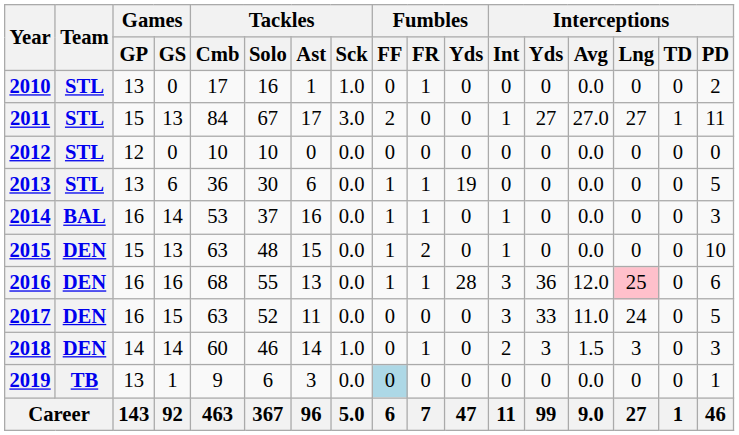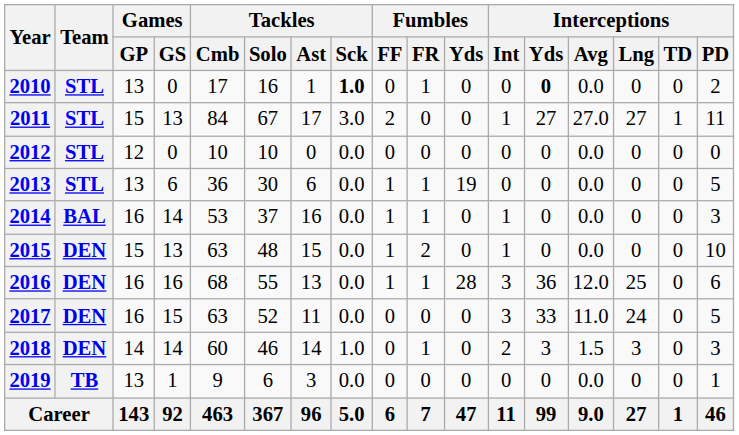 <table class=wikitable style="text-align:center;">
 <tr>
 <th rowspan="2">Year</th>
 <th rowspan="2">Team</th>
 <th colspan="2">Games</th>
 <th colspan="4">Tackles</th>
 <th colspan="3">Fumbles</th>
 <th colspan="6">Interceptions</th>
 </tr>
 <tr>
 <th>GP</th>
 <th>GS</th>
 <th>Cmb</th>
 <th>Solo</th>
 <th>Ast</th>
 <th>Sck</th>
 <th>FF</th>
 <th>FR</th>
 <th>Yds</th>
 <th>Int</th>
 <th>Yds</th>
 <th>Avg</th>
 <th>Lng</th>
 <th>TD</th>
 <th>PD</th>
 </tr>
 <tr>
 <th><a href='#'>2010</a></th>
 <th><a href='#'>STL</a></th>
 <td>13</td>
 <td>0</td>
 <td>17</td>
 <td>16</td>
 <td>1</td>
-<td>1.0</td>
+<td><strong>1.0</strong></td>
 <td>0</td>
 <td>1</td>
 <td>0</td>
 <td>0</td>
-<td>0</td>
+<td><strong>0</strong></td>
 <td>0.0</td>
 <td>0</td>
 <td>0</td>
 <td>2</td>
 </tr>
 <tr>
 <th><a href='#'>2011</a></th>
 <th><a href='#'>STL</a></th>
 <td>15</td>
 <td>13</td>
 <td>84</td>
 <td>67</td>
 <td>17</td>
 <td>3.0</td>
 <td>2</td>
 <td>0</td>
 <td>0</td>
 <td>1</td>
 <td>27</td>
 <td>27.0</td>
 <td>27</td>
 <td>1</td>
 <td>11</td>
 </tr>
 <tr>
 <th><a href='#'>2012</a></th>
 <th><a href='#'>STL</a></th>
 <td>12</td>
 <td>0</td>
 <td>10</td>
 <td>10</td>
 <td>0</td>
 <td>0.0</td>
 <td>0</td>
 <td>0</td>
 <td>0</td>
 <td>0</td>
 <td>0</td>
 <td>0.0</td>
 <td>0</td>
 <td>0</td>
 <td>0</td>
 </tr>
 <tr>
 <th><a href='#'>2013</a></th>
 <th><a href='#'>STL</a></th>
 <td>13</td>
 <td>6</td>
 <td>36</td>
 <td>30</td>
 <td>6</td>
 <td>0.0</td>
 <td>1</td>
 <td>1</td>
 <td>19</td>
 <td>0</td>
 <td>0</td>
 <td>0.0</td>
 <td>0</td>
 <td>0</td>
 <td>5</td>
 </tr>
 <tr>
 <th><a href='#'>2014</a></th>
 <th><a href='#'>BAL</a></th>
 <td>16</td>
 <td>14</td>
 <td>53</td>
 <td>37</td>
 <td>16</td>
 <td>0.0</td>
 <td>1</td>
 <td>1</td>
 <td>0</td>
 <td>1</td>
 <td>0</td>
 <td>0.0</td>
 <td>0</td>
 <td>0</td>
 <td>3</td>
 </tr>
 <tr>
 <th><a href='#'>2015</a></th>
 <th><a href='#'>DEN</a></th>
 <td>15</td>
 <td>13</td>
 <td>63</td>
 <td>48</td>
 <td>15</td>
 <td>0.0</td>
 <td>1</td>
 <td>2</td>
 <td>0</td>
 <td>1</td>
 <td>0</td>
 <td>0.0</td>
 <td>0</td>
 <td>0</td>
 <td>10</td>
 </tr>
 <tr>
 <th><a href='#'>2016</a></th>
 <th><a href='#'>DEN</a></th>
 <td>16</td>
 <td>16</td>
 <td>68</td>
 <td>55</td>
 <td>13</td>
 <td>0.0</td>
 <td>1</td>
 <td>1</td>
 <td>28</td>
 <td>3</td>
 <td>36</td>
 <td>12.0</td>
-<td style="background: pink;">25</td>
+<td>25</td>
 <td>0</td>
 <td>6</td>
 </tr>
 <tr>
 <th><a href='#'>2017</a></th>
 <th><a href='#'>DEN</a></th>
 <td>16</td>
 <td>15</td>
 <td>63</td>
 <td>52</td>
 <td>11</td>
 <td>0.0</td>
 <td>0</td>
 <td>0</td>
 <td>0</td>
 <td>3</td>
 <td>33</td>
 <td>11.0</td>
 <td>24</td>
 <td>0</td>
 <td>5</td>
 </tr>
 <tr>
 <th><a href='#'>2018</a></th>
 <th><a href='#'>DEN</a></th>
 <td>14</td>
 <td>14</td>
 <td>60</td>
 <td>46</td>
 <td>14</td>
 <td>1.0</td>
 <td>0</td>
 <td>1</td>
 <td>0</td>
 <td>2</td>
 <td>3</td>
 <td>1.5</td>
 <td>3</td>
 <td>0</td>
 <td>3</td>
 </tr>
 <tr>
 <th><a href='#'>2019</a></th>
 <th><a href='#'>TB</a></th>
 <td>13</td>
 <td>1</td>
 <td>9</td>
 <td>6</td>
 <td>3</td>
 <td>0.0</td>
-<td style="background: lightblue;">0</td>
+<td>0</td>
 <td>0</td>
 <td>0</td>
 <td>0</td>
 <td>0</td>
 <td>0.0</td>
 <td>0</td>
 <td>0</td>
 <td>1</td>
 </tr>
 <tr>
 <th colspan="2">Career</th>
 <th>143</th>
 <th>92</th>
 <th>463</th>
 <th>367</th>
 <th>96</th>
 <th>5.0</th>
 <th>6</th>
 <th>7</th>
 <th>47</th>
 <th>11</th>
 <th>99</th>
 <th>9.0</th>
 <th>27</th>
 <th>1</th>
 <th>46</th>
 </tr>
 </table>
